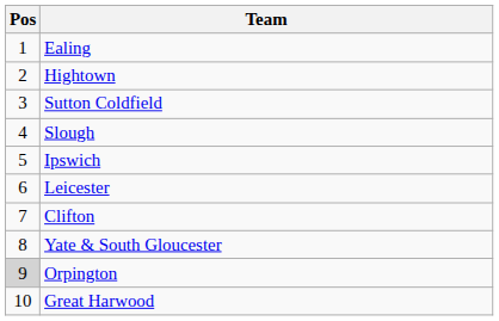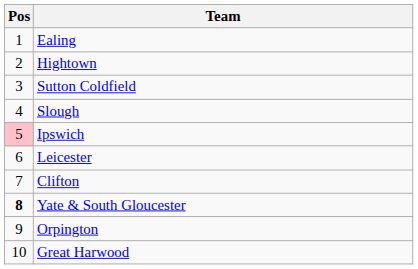 <table class="wikitable" style="font-size: 100%">
 <tr>
 <th width=20>Pos</th>
 <th width=400>Team</th>
 </tr>
 <tr align=center>
 <td>1</td>
 <td align="left"><a href='#'>Ealing</a></td>
 </tr>
 <tr align=center>
 <td>2</td>
 <td align="left"><a href='#'>Hightown</a></td>
 </tr>
 <tr align=center>
 <td>3</td>
 <td align="left"><a href='#'>Sutton Coldfield</a></td>
 </tr>
 <tr align=center>
 <td>4</td>
 <td align="left"><a href='#'>Slough</a></td>
 </tr>
 <tr align=center>
-<td>5</td>
+<td style="background: pink;">5</td>
 <td align="left"><a href='#'>Ipswich</a></td>
 </tr>
 <tr align=center>
 <td>6</td>
 <td align="left"><a href='#'>Leicester</a></td>
 </tr>
 <tr align=center>
 <td>7</td>
 <td align="left"><a href='#'>Clifton</a></td>
 </tr>
 <tr align=center>
-<td>8</td>
+<td><strong>8</strong></td>
 <td align="left"><a href='#'>Yate & South Gloucester</a></td>
 </tr>
 <tr align=center>
-<td style="background: lightgrey;">9</td>
+<td>9</td>
 <td align="left"><a href='#'>Orpington</a></td>
 </tr>
 <tr align=center>
 <td>10</td>
 <td align="left"><a href='#'>Great Harwood</a></td>
 </tr>
 </table>
